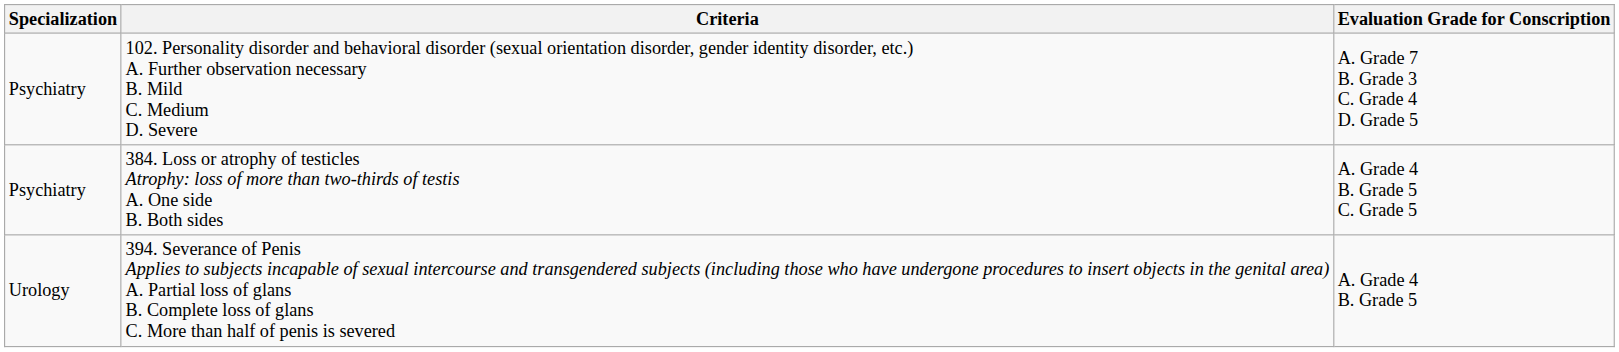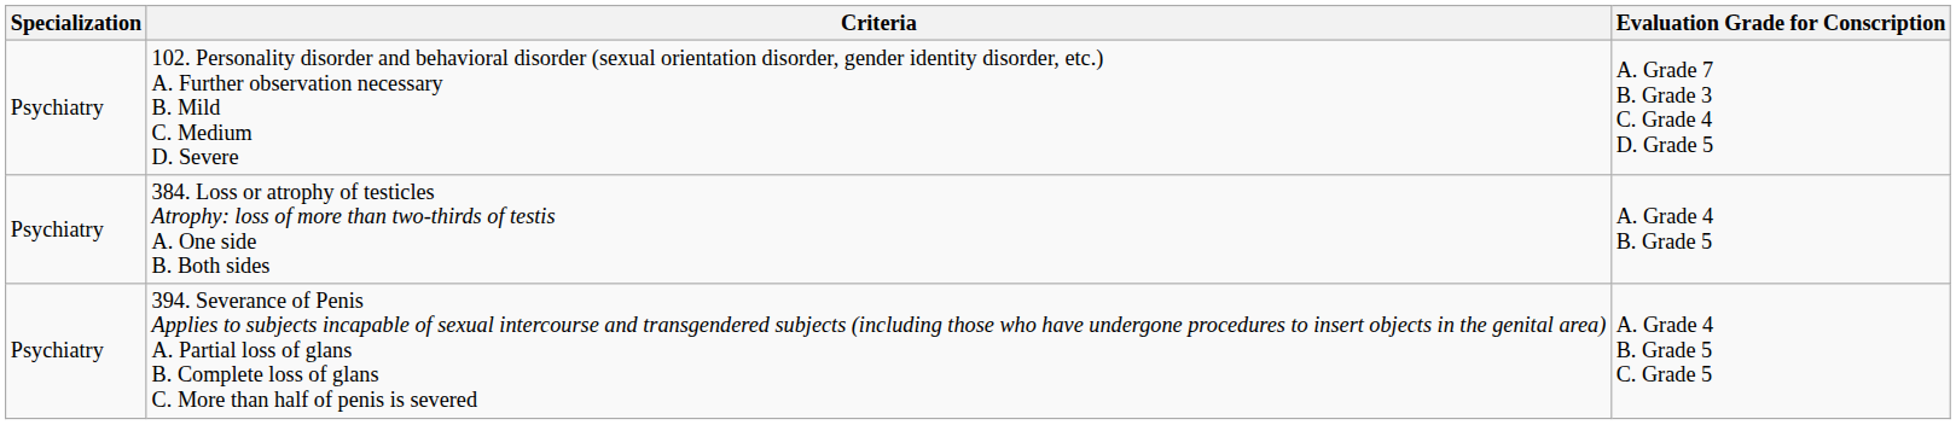 <table class="wikitable">
 <tr>
 <th>Specialization</th>
 <th>Criteria</th>
 <th>Evaluation Grade for Conscription</th>
 </tr>
 <tr>
 <td>Psychiatry</td>
 <td>102. Personality disorder and behavioral disorder (sexual orientation disorder, gender identity disorder, etc.)<br>A. Further observation necessary<br>B. Mild<br>C. Medium<br>D. Severe</td>
 <td>A. Grade 7<br>B. Grade 3<br>C. Grade 4<br>D. Grade 5</td>
 </tr>
 <tr>
 <td>Psychiatry</td>
 <td>384. Loss or atrophy of testicles<br><em>Atrophy: loss of more than two-thirds of testis</em><br>A. One side<br>B. Both sides</td>
+<td>A. Grade 4<br>B. Grade 5</td>
+</tr>
+<tr>
+<td>Psychiatry</td>
+<td>394. Severance of Penis<br><em>Applies to subjects incapable of sexual intercourse and transgendered subjects (including those who have undergone procedures to insert objects in the genital area)</em><br>A. Partial loss of glans<br>B. Complete loss of glans<br>C. More than half of penis is severed</td>
 <td>A. Grade 4<br>B. Grade 5<br>C. Grade 5</td>
 </tr>
-<tr>
-<td>Urology</td>
-<td>394. Severance of Penis<br><em>Applies to subjects incapable of sexual intercourse and transgendered subjects (including those who have undergone procedures to insert objects in the genital area)</em><br>A. Partial loss of glans<br>B. Complete loss of glans<br>C. More than half of penis is severed</td>
-<td>A. Grade 4<br>B. Grade 5</td>
-</tr>
 </table>
